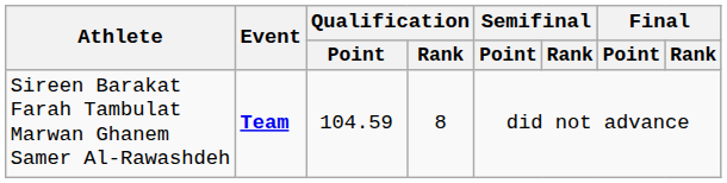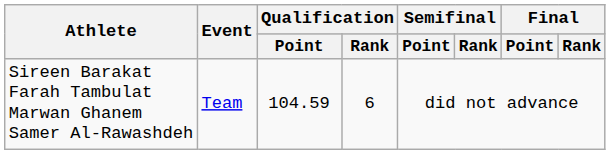 <table class=wikitable style=font-size:90%;text-align:center>
 <tr>
 <th rowspan="2">Athlete</th>
 <th rowspan="2">Event</th>
 <th colspan=2>Qualification</th>
 <th colspan=2>Semifinal</th>
 <th colspan=2>Final</th>
 </tr>
 <tr style="font-size:95%">
 <th>Point</th>
 <th>Rank</th>
 <th>Point</th>
 <th>Rank</th>
 <th>Point</th>
 <th>Rank</th>
 </tr>
 <tr>
 <td align=left>Sireen Barakat<br>Farah Tambulat<br>Marwan Ghanem<br>Samer Al-Rawashdeh</td>
-<td align=left><strong><a href='#'>Team</a></strong></td>
+<td align=left><a href='#'>Team</a></td>
 <td>104.59</td>
-<td>8</td>
+<td>6</td>
 <td colspan=4>did not advance</td>
 </tr>
 </table>
